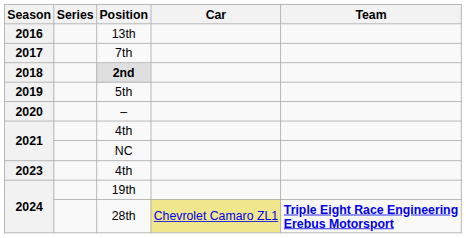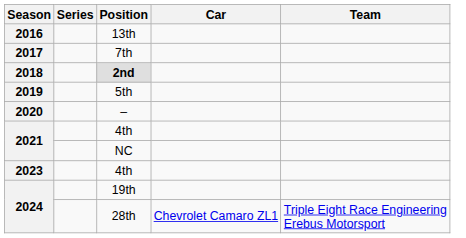 <table class="wikitable" style="font-size: 95%;">
 <tr>
 <th>Season</th>
 <th>Series</th>
 <th>Position</th>
 <th>Car</th>
 <th>Team</th>
 </tr>
 <tr>
 <th>2016</th>
 <td></td>
 <td align="center">13th</td>
 <td></td>
 <td></td>
 </tr>
 <tr>
 <th>2017</th>
 <td></td>
 <td align="center">7th</td>
 <td></td>
 <td></td>
 </tr>
 <tr>
 <th>2018</th>
 <td></td>
 <td align="center" style="background: #dfdfdf"><strong>2nd</strong></td>
 <td></td>
 <td></td>
 </tr>
 <tr>
 <th>2019</th>
 <td></td>
 <td align="center">5th</td>
 <td></td>
 <td></td>
 </tr>
 <tr>
 <th>2020</th>
 <td></td>
 <td align="center">–</td>
 <td></td>
 <td></td>
 </tr>
 <tr>
 <th rowspan=2>2021</th>
 <td></td>
 <td align="center">4th</td>
 <td></td>
 <td></td>
 </tr>
 <tr>
 <td></td>
 <td align="center">NC</td>
 <td></td>
 <td></td>
 </tr>
 <tr>
 <th>2023</th>
 <td></td>
 <td align="center">4th</td>
 <td></td>
 <td></td>
 </tr>
 <tr>
 <th rowspan=2>2024</th>
 <td></td>
 <td align="center">19th</td>
 <td></td>
 <td></td>
 </tr>
 <tr>
 <td></td>
 <td align="center">28th</td>
-<td style="background: khaki;"><a href='#'>Chevrolet Camaro ZL1</a></td>
-<td><strong><a href='#'>Triple Eight Race Engineering</a><br><a href='#'>Erebus Motorsport</a></strong></td>
+<td><a href='#'>Chevrolet Camaro ZL1</a></td>
+<td><a href='#'>Triple Eight Race Engineering</a><br><a href='#'>Erebus Motorsport</a></td>
 </tr>
 </table>
